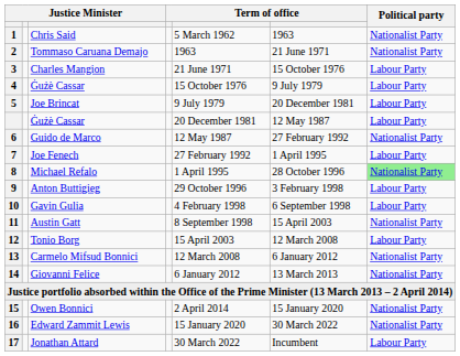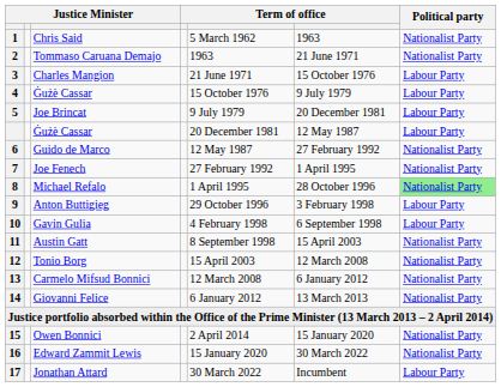 <table class="wikitable">
 <tr>
 <th colspan=3>Justice Minister</th>
 <th colspan=3>Term of office</th>
 <th rowspan=2>Political party</th>
 </tr>
 <tr>
 <th></th>
 <th></th>
 <th></th>
 <th></th>
 <th></th>
 <th></th>
 </tr>
 <tr>
 <th style="background:">1</th>
 <td></td>
 <td><a href='#'>Chris Said</a><br></td>
 <td></td>
 <td>5 March 1962</td>
 <td>1963</td>
 <td><a href='#'>Nationalist Party</a></td>
 </tr>
 <tr>
 <th style="background:">2</th>
 <td></td>
 <td><a href='#'>Tommaso Caruana Demajo</a><br></td>
 <td></td>
 <td>1963</td>
 <td>21 June 1971</td>
 <td><a href='#'>Nationalist Party</a></td>
 </tr>
 <tr>
 <th style="background:">3</th>
 <td></td>
 <td><a href='#'>Charles Mangion</a><br></td>
 <td></td>
 <td>21 June 1971</td>
 <td>15 October 1976</td>
 <td><a href='#'>Labour Party</a></td>
 </tr>
 <tr>
 <th style="background:">4</th>
 <td></td>
 <td><a href='#'>Ġużè Cassar</a><br></td>
 <td></td>
 <td>15 October 1976</td>
 <td>9 July 1979</td>
 <td><a href='#'>Labour Party</a></td>
 </tr>
 <tr>
 <th style="background:">5</th>
 <td></td>
 <td><a href='#'>Joe Brincat</a><br></td>
 <td></td>
 <td>9 July 1979</td>
 <td>20 December 1981</td>
 <td><a href='#'>Labour Party</a></td>
 </tr>
 <tr>
 <th style="background:"></th>
 <td></td>
 <td><a href='#'>Ġużè Cassar</a><br></td>
 <td></td>
 <td>20 December 1981</td>
 <td>12 May 1987</td>
 <td><a href='#'>Labour Party</a></td>
 </tr>
 <tr>
 <th style="background:">6</th>
 <td></td>
 <td><a href='#'>Guido de Marco</a><br></td>
 <td></td>
 <td>12 May 1987</td>
 <td>27 February 1992</td>
 <td><a href='#'>Nationalist Party</a></td>
 </tr>
 <tr>
 <th style="background:">7</th>
 <td></td>
 <td><a href='#'>Joe Fenech</a><br></td>
 <td></td>
 <td>27 February 1992</td>
 <td>1 April 1995</td>
-<td><a href='#'>Labour Party</a></td>
+<td><a href='#'>Nationalist Party</a></td>
 </tr>
 <tr>
 <th style="background:">8</th>
 <td></td>
 <td><a href='#'>Michael Refalo</a><br></td>
 <td></td>
 <td>1 April 1995</td>
 <td>28 October 1996</td>
 <td style="background: lightgreen;"><a href='#'>Nationalist Party</a></td>
 </tr>
 <tr>
 <th style="background:">9</th>
 <td></td>
 <td><a href='#'>Anton Buttigieg</a><br></td>
 <td></td>
 <td>29 October 1996</td>
 <td>3 February 1998</td>
 <td><a href='#'>Labour Party</a></td>
 </tr>
 <tr>
 <th style="background:">10</th>
 <td></td>
 <td><a href='#'>Gavin Gulia</a><br></td>
 <td></td>
 <td>4 February 1998</td>
 <td>6 September 1998</td>
 <td><a href='#'>Labour Party</a></td>
 </tr>
 <tr>
 <th style="background:">11</th>
 <td></td>
 <td><a href='#'>Austin Gatt</a><br></td>
 <td></td>
 <td>8 September 1998</td>
 <td>15 April 2003</td>
 <td><a href='#'>Nationalist Party</a></td>
 </tr>
 <tr>
 <th style="background:">12</th>
 <td></td>
 <td><a href='#'>Tonio Borg</a><br></td>
 <td></td>
 <td>15 April 2003</td>
 <td>12 March 2008</td>
-<td><a href='#'>Labour Party</a></td>
+<td><a href='#'>Nationalist Party</a></td>
 </tr>
 <tr>
 <th style="background:">13</th>
 <td></td>
 <td><a href='#'>Carmelo Mifsud Bonnici</a><br></td>
 <td></td>
 <td>12 March 2008</td>
 <td>6 January 2012</td>
 <td><a href='#'>Nationalist Party</a></td>
 </tr>
 <tr>
 <th style="background:">14</th>
 <td></td>
 <td><a href='#'>Giovanni Felice</a><br></td>
 <td></td>
 <td>6 January 2012</td>
 <td>13 March 2013</td>
 <td><a href='#'>Nationalist Party</a></td>
 </tr>
 <tr>
 <td style="background:#eee;" colspan=7 align=center><strong>Justice portfolio absorbed within the Office of the Prime Minister (13 March 2013 – 2 April 2014)</strong></td>
 </tr>
 <tr>
 <th style="background:">15</th>
 <td></td>
 <td><a href='#'>Owen Bonnici</a><br></td>
 <td></td>
 <td>2 April 2014</td>
 <td>15 January 2020</td>
 <td><a href='#'>Nationalist Party</a></td>
 </tr>
 <tr>
 <th style="background:">16</th>
 <td></td>
 <td><a href='#'>Edward Zammit Lewis</a><br></td>
 <td></td>
 <td>15 January 2020</td>
 <td>30 March 2022</td>
 <td><a href='#'>Nationalist Party</a></td>
 </tr>
 <tr>
 <th style="background:">17</th>
 <td></td>
 <td><a href='#'>Jonathan Attard</a><br></td>
 <td></td>
 <td>30 March 2022</td>
 <td>Incumbent</td>
 <td><a href='#'>Labour Party</a></td>
 </tr>
 </table>
